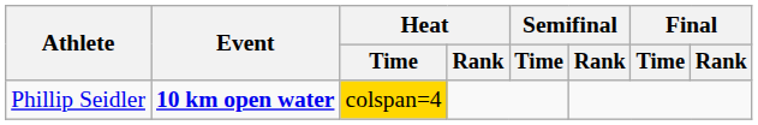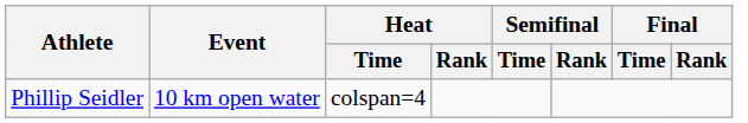 <table class=wikitable style="font-size:90%;">
 <tr>
 <th rowspan=2>Athlete</th>
 <th rowspan=2>Event</th>
 <th colspan=2>Heat</th>
 <th colspan=2>Semifinal</th>
 <th colspan=2>Final</th>
 </tr>
 <tr style="font-size:95%">
 <th>Time</th>
 <th>Rank</th>
 <th>Time</th>
 <th>Rank</th>
 <th>Time</th>
 <th>Rank</th>
 </tr>
 <tr align=center>
 <td align=left><a href='#'>Phillip Seidler</a></td>
-<td align=left><strong><a href='#'>10 km open water</a></strong></td>
-<td style="background: gold;">colspan=4 </td>
+<td align=left><a href='#'>10 km open water</a></td>
+<td>colspan=4 </td>
 <td colspan=2></td>
 </tr>
 </table>
